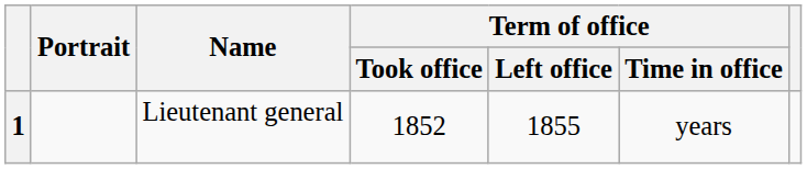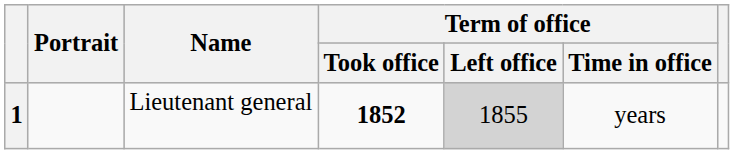 <table class="wikitable" style="text-align:center">
 <tr>
 <th rowspan=2></th>
 <th rowspan=2>Portrait</th>
 <th rowspan=2>Name<br></th>
 <th colspan=3>Term of office</th>
 <th rowspan=2></th>
 </tr>
 <tr>
 <th>Took office</th>
 <th>Left office</th>
 <th>Time in office</th>
 </tr>
 <tr>
 <th>1</th>
 <td></td>
 <td>Lieutenant general<br><strong></strong><br></td>
-<td>1852</td>
-<td>1855</td>
+<td><strong>1852</strong></td>
+<td style="background: lightgrey;">1855</td>
 <td> years</td>
 <td></td>
 </tr>
 </table>
